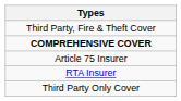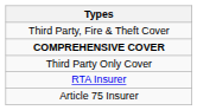 <table class="wikitable" style="text-align:center;margin-left:1em;font-size:90%;float:left">
 <tr>
 <th width="250">Types</th>
 </tr>
 <tr>
 <td align="center">Third Party, Fire & Theft Cover</td>
 </tr>
 <tr>
 <td align="center"><strong>COMPREHENSIVE COVER</strong></td>
 </tr>
 <tr>
-<td align="center">Article 75 Insurer</td>
+<td align="center">Third Party Only Cover</td>
 </tr>
 <tr>
 <td align="center"><a href='#'>RTA Insurer</a></td>
 </tr>
 <tr>
-<td align="center">Third Party Only Cover</td>
+<td align="center">Article 75 Insurer</td>
 </tr>
 </table>
